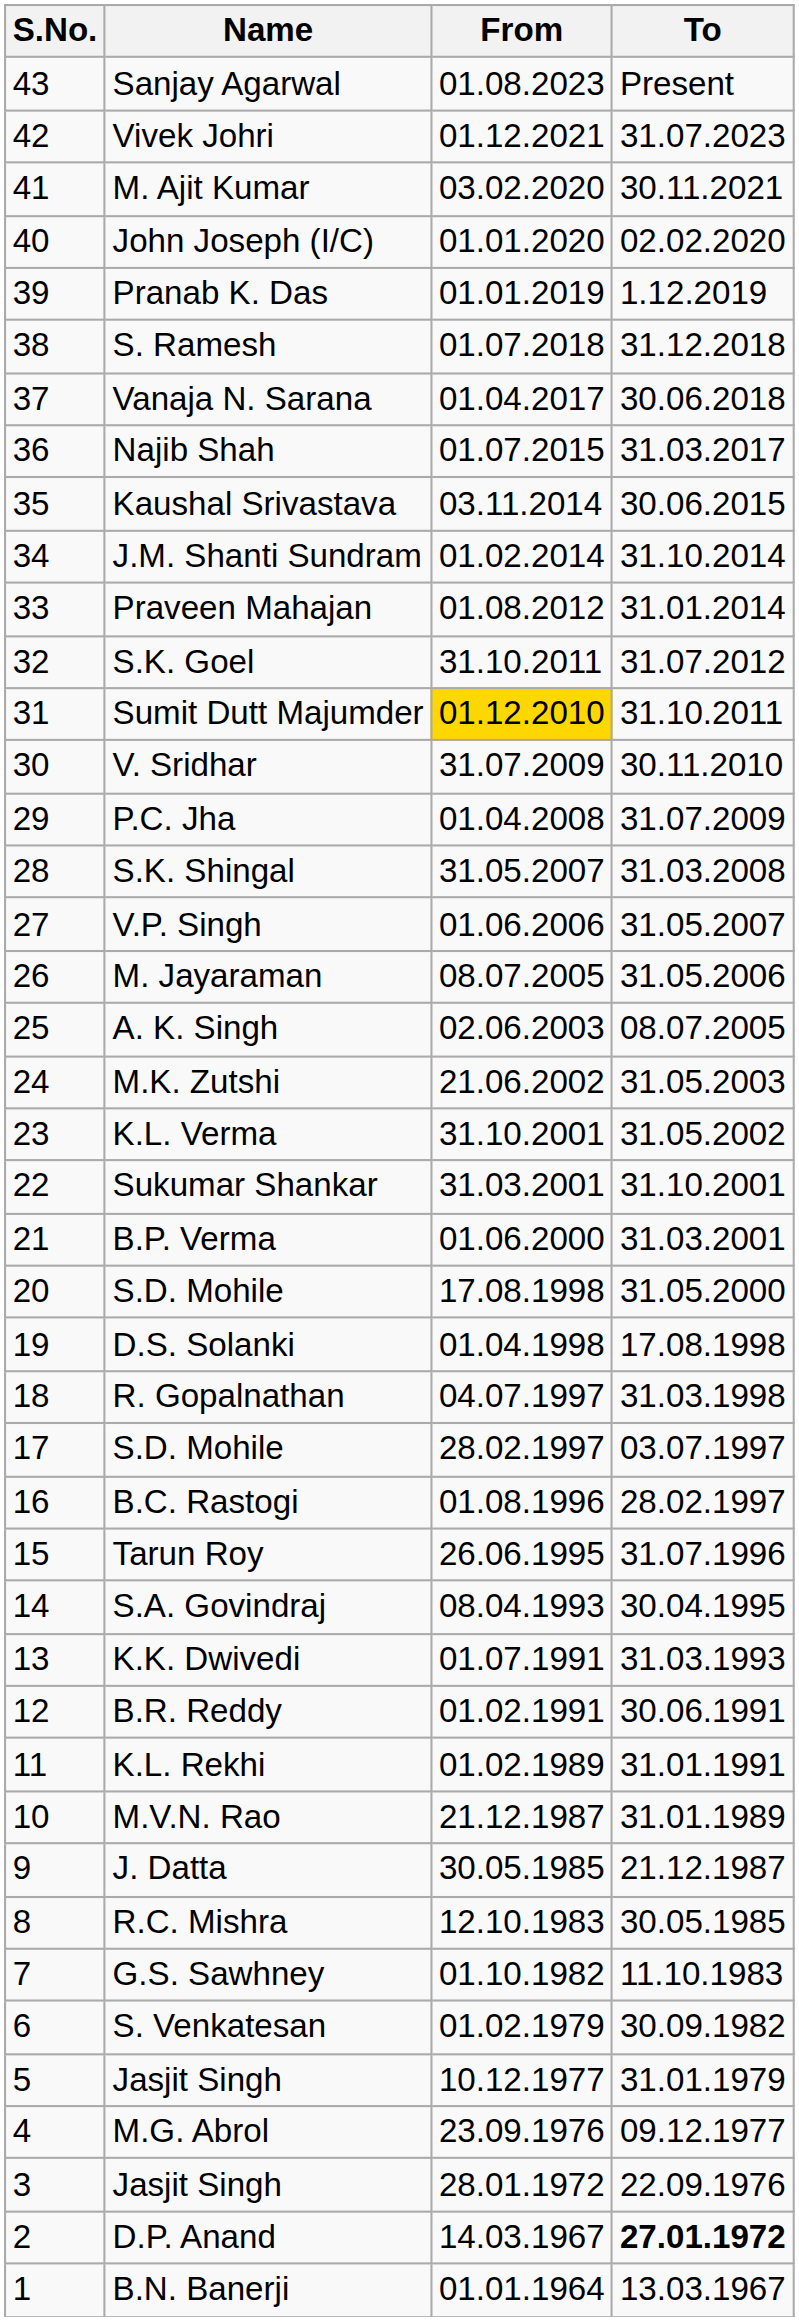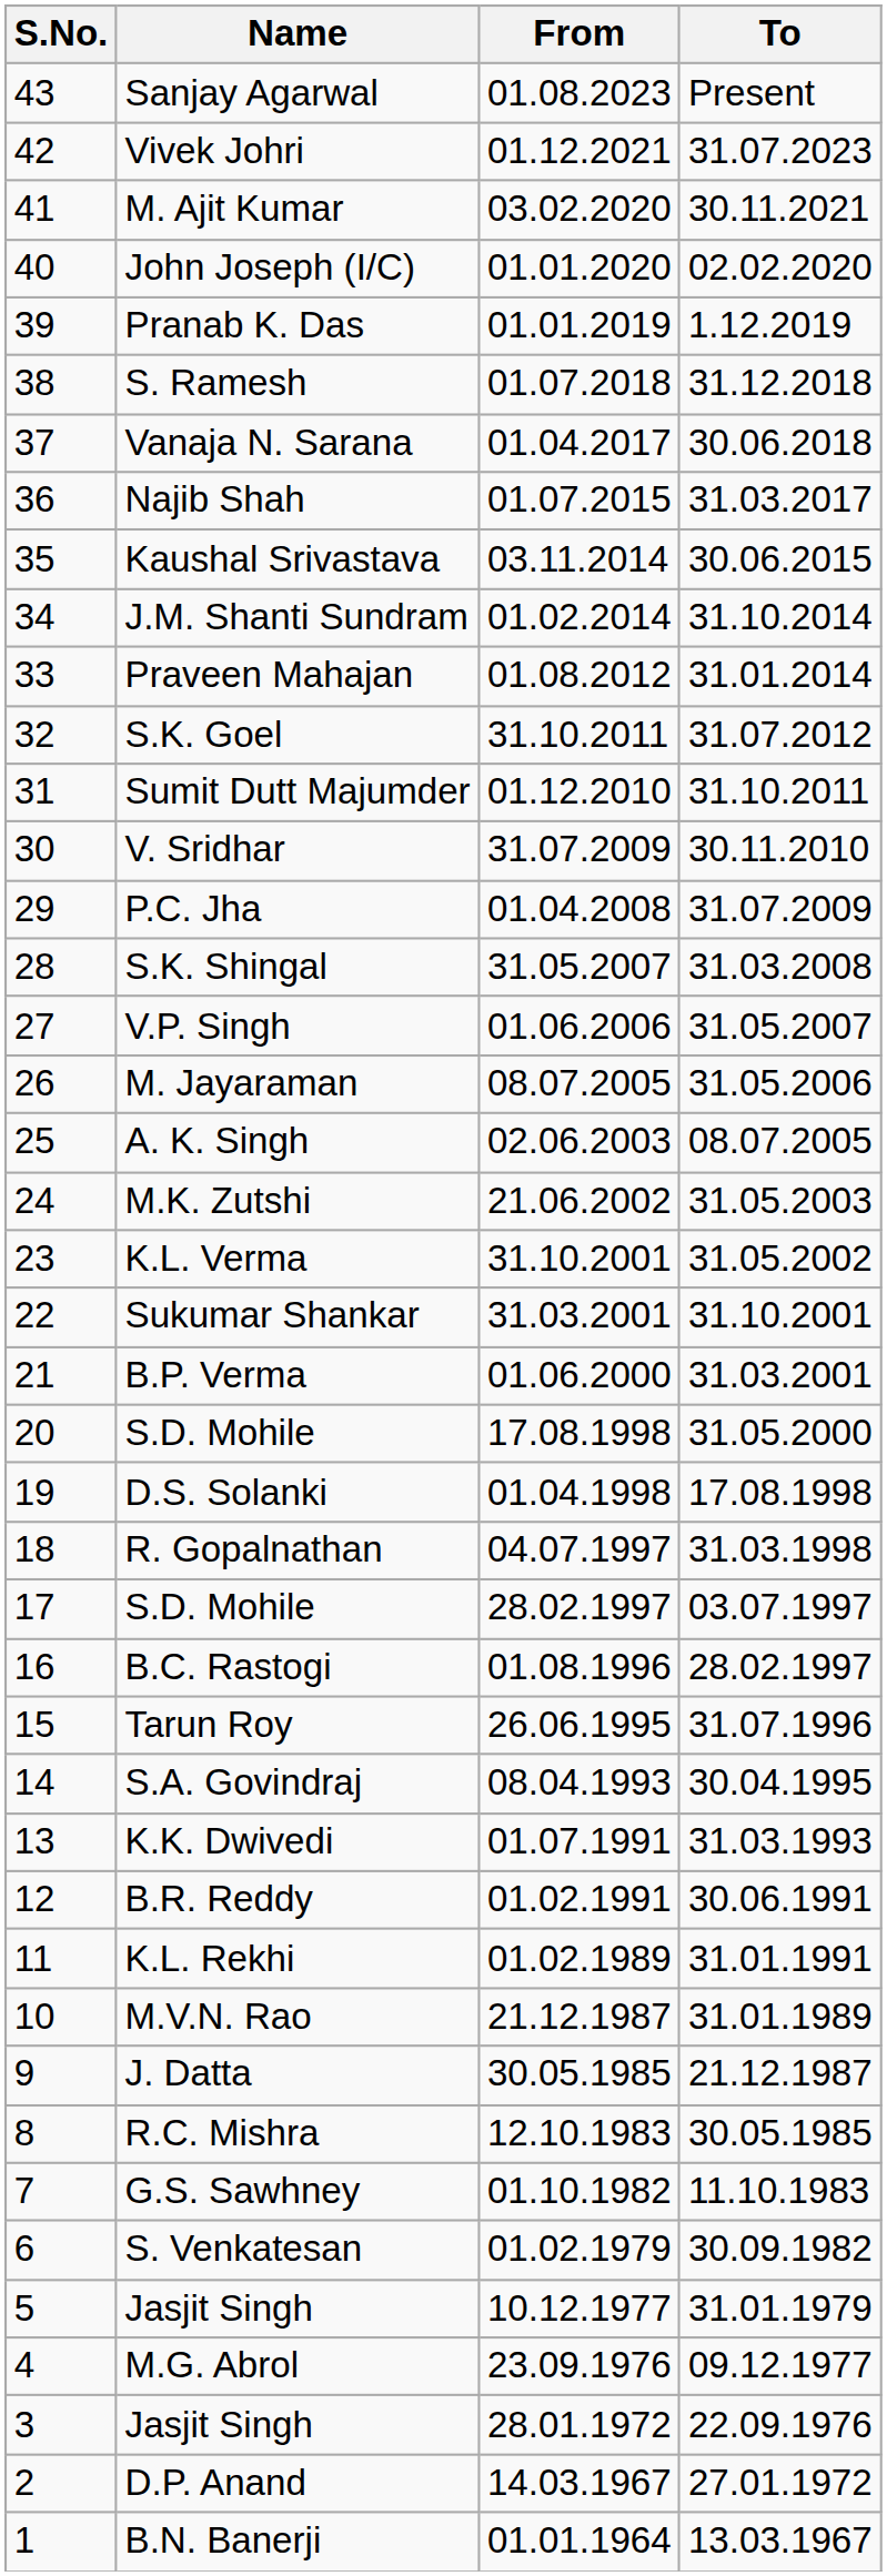 <table class="wikitable sortable">
 <tr>
 <th>S.No.</th>
 <th>Name</th>
 <th>From</th>
 <th>To</th>
 </tr>
 <tr>
 <td>43</td>
 <td>Sanjay Agarwal</td>
 <td>01.08.2023</td>
 <td>Present</td>
 </tr>
 <tr>
 <td>42</td>
 <td>Vivek Johri</td>
 <td>01.12.2021</td>
 <td>31.07.2023</td>
 </tr>
 <tr>
 <td>41</td>
 <td>M. Ajit Kumar</td>
 <td>03.02.2020</td>
 <td>30.11.2021</td>
 </tr>
 <tr>
 <td>40</td>
 <td>John Joseph (I/C)</td>
 <td>01.01.2020</td>
 <td>02.02.2020</td>
 </tr>
 <tr>
 <td>39</td>
 <td>Pranab K. Das</td>
 <td>01.01.2019</td>
 <td>1.12.2019</td>
 </tr>
 <tr>
 <td>38</td>
 <td>S. Ramesh</td>
 <td>01.07.2018</td>
 <td>31.12.2018</td>
 </tr>
 <tr>
 <td>37</td>
 <td>Vanaja N. Sarana</td>
 <td>01.04.2017</td>
 <td>30.06.2018</td>
 </tr>
 <tr>
 <td>36</td>
 <td>Najib Shah</td>
 <td>01.07.2015</td>
 <td>31.03.2017</td>
 </tr>
 <tr>
 <td>35</td>
 <td>Kaushal Srivastava</td>
 <td>03.11.2014</td>
 <td>30.06.2015</td>
 </tr>
 <tr>
 <td>34</td>
 <td>J.M. Shanti Sundram</td>
 <td>01.02.2014</td>
 <td>31.10.2014</td>
 </tr>
 <tr>
 <td>33</td>
 <td>Praveen Mahajan</td>
 <td>01.08.2012</td>
 <td>31.01.2014</td>
 </tr>
 <tr>
 <td>32</td>
 <td>S.K. Goel</td>
 <td>31.10.2011</td>
 <td>31.07.2012</td>
 </tr>
 <tr>
 <td>31</td>
 <td>Sumit Dutt Majumder</td>
-<td style="background: gold;">01.12.2010</td>
+<td>01.12.2010</td>
 <td>31.10.2011</td>
 </tr>
 <tr>
 <td>30</td>
 <td>V. Sridhar</td>
 <td>31.07.2009</td>
 <td>30.11.2010</td>
 </tr>
 <tr>
 <td>29</td>
 <td>P.C. Jha</td>
 <td>01.04.2008</td>
 <td>31.07.2009</td>
 </tr>
 <tr>
 <td>28</td>
 <td>S.K. Shingal</td>
 <td>31.05.2007</td>
 <td>31.03.2008</td>
 </tr>
 <tr>
 <td>27</td>
 <td>V.P. Singh</td>
 <td>01.06.2006</td>
 <td>31.05.2007</td>
 </tr>
 <tr>
 <td>26</td>
 <td>M. Jayaraman</td>
 <td>08.07.2005</td>
 <td>31.05.2006</td>
 </tr>
 <tr>
 <td>25</td>
 <td>A. K. Singh</td>
 <td>02.06.2003</td>
 <td>08.07.2005</td>
 </tr>
 <tr>
 <td>24</td>
 <td>M.K. Zutshi</td>
 <td>21.06.2002</td>
 <td>31.05.2003</td>
 </tr>
 <tr>
 <td>23</td>
 <td>K.L. Verma</td>
 <td>31.10.2001</td>
 <td>31.05.2002</td>
 </tr>
 <tr>
 <td>22</td>
 <td>Sukumar Shankar</td>
 <td>31.03.2001</td>
 <td>31.10.2001</td>
 </tr>
 <tr>
 <td>21</td>
 <td>B.P. Verma</td>
 <td>01.06.2000</td>
 <td>31.03.2001</td>
 </tr>
 <tr>
 <td>20</td>
 <td>S.D. Mohile</td>
 <td>17.08.1998</td>
 <td>31.05.2000</td>
 </tr>
 <tr>
 <td>19</td>
 <td>D.S. Solanki</td>
 <td>01.04.1998</td>
 <td>17.08.1998</td>
 </tr>
 <tr>
 <td>18</td>
 <td>R. Gopalnathan</td>
 <td>04.07.1997</td>
 <td>31.03.1998</td>
 </tr>
 <tr>
 <td>17</td>
 <td>S.D. Mohile</td>
 <td>28.02.1997</td>
 <td>03.07.1997</td>
 </tr>
 <tr>
 <td>16</td>
 <td>B.C. Rastogi</td>
 <td>01.08.1996</td>
 <td>28.02.1997</td>
 </tr>
 <tr>
 <td>15</td>
 <td>Tarun Roy</td>
 <td>26.06.1995</td>
 <td>31.07.1996</td>
 </tr>
 <tr>
 <td>14</td>
 <td>S.A. Govindraj</td>
 <td>08.04.1993</td>
 <td>30.04.1995</td>
 </tr>
 <tr>
 <td>13</td>
 <td>K.K. Dwivedi</td>
 <td>01.07.1991</td>
 <td>31.03.1993</td>
 </tr>
 <tr>
 <td>12</td>
 <td>B.R. Reddy</td>
 <td>01.02.1991</td>
 <td>30.06.1991</td>
 </tr>
 <tr>
 <td>11</td>
 <td>K.L. Rekhi</td>
 <td>01.02.1989</td>
 <td>31.01.1991</td>
 </tr>
 <tr>
 <td>10</td>
 <td>M.V.N. Rao</td>
 <td>21.12.1987</td>
 <td>31.01.1989</td>
 </tr>
 <tr>
 <td>9</td>
 <td>J. Datta</td>
 <td>30.05.1985</td>
 <td>21.12.1987</td>
 </tr>
 <tr>
 <td>8</td>
 <td>R.C. Mishra</td>
 <td>12.10.1983</td>
 <td>30.05.1985</td>
 </tr>
 <tr>
 <td>7</td>
 <td>G.S. Sawhney</td>
 <td>01.10.1982</td>
 <td>11.10.1983</td>
 </tr>
 <tr>
 <td>6</td>
 <td>S. Venkatesan</td>
 <td>01.02.1979</td>
 <td>30.09.1982</td>
 </tr>
 <tr>
 <td>5</td>
 <td>Jasjit Singh</td>
 <td>10.12.1977</td>
 <td>31.01.1979</td>
 </tr>
 <tr>
 <td>4</td>
 <td>M.G. Abrol</td>
 <td>23.09.1976</td>
 <td>09.12.1977</td>
 </tr>
 <tr>
 <td>3</td>
 <td>Jasjit Singh</td>
 <td>28.01.1972</td>
 <td>22.09.1976</td>
 </tr>
 <tr>
 <td>2</td>
 <td>D.P. Anand</td>
 <td>14.03.1967</td>
-<td><strong>27.01.1972</strong></td>
+<td>27.01.1972</td>
 </tr>
 <tr>
 <td>1</td>
 <td>B.N. Banerji</td>
 <td>01.01.1964</td>
 <td>13.03.1967</td>
 </tr>
 </table>
